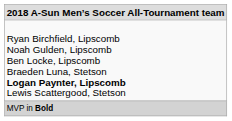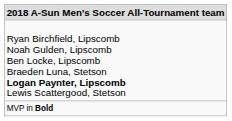 <table class="wikitable" style="white-space:nowrap; font-size:90%;">
 <tr>
 <td colspan="7" style="text-align:center; background:#ddd;"><strong>2018 A-Sun Men’s Soccer All-Tournament team</strong></td>
 </tr>
 <tr>
 <td><br>Ryan Birchfield, Lipscomb<br> Noah Gulden, Lipscomb<br> Ben Locke, Lipscomb<br> Braeden Luna, Stetson<br> <strong>Logan Paynter, Lipscomb</strong><br> Lewis Scattergood, Stetson</td>
 </tr>
 <tr>
-<td style="background: lightgrey;"><small>MVP in <strong>Bold</strong></small></td>
+<td><small>MVP in <strong>Bold</strong></small></td>
 </tr>
 </table>
